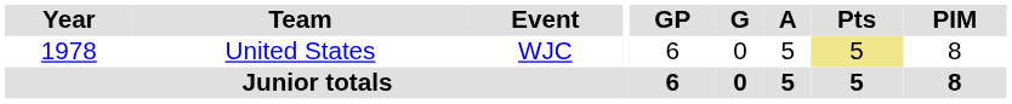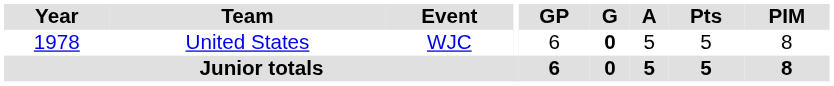 <table border="0" cellpadding="1" cellspacing="0" ID="Table3" style="text-align:center; width:40em">
 <tr bgcolor="#e0e0e0">
 <th>Year</th>
 <th>Team</th>
 <th>Event</th>
 <th rowspan="102" bgcolor="#ffffff"></th>
 <th>GP</th>
 <th>G</th>
 <th>A</th>
 <th>Pts</th>
 <th>PIM</th>
 </tr>
 <tr>
 <td><a href='#'>1978</a></td>
 <td><a href='#'>United States</a></td>
 <td><a href='#'>WJC</a></td>
 <td>6</td>
-<td>0</td>
+<td><strong>0</strong></td>
 <td>5</td>
-<td style="background: khaki;">5</td>
+<td>5</td>
 <td>8</td>
 </tr>
 <tr bgcolor="#e0e0e0">
 <th colspan="4">Junior totals</th>
 <th>6</th>
 <th>0</th>
 <th>5</th>
 <th>5</th>
 <th>8</th>
 </tr>
 </table>
